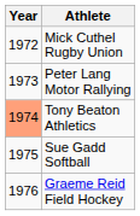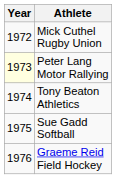 <table class="wikitable sortable">
 <tr>
 <th>Year</th>
 <th>Athlete</th>
 </tr>
 <tr>
 <td>1972</td>
 <td>Mick Cuthel <br> Rugby Union</td>
 </tr>
 <tr>
-<td>1973</td>
+<td style="background: lightyellow;">1973</td>
 <td>Peter Lang<br>Motor Rallying</td>
 </tr>
 <tr>
-<td style="background: lightsalmon;">1974</td>
+<td>1974</td>
 <td>Tony Beaton<br>Athletics</td>
 </tr>
 <tr>
 <td>1975</td>
 <td>Sue Gadd<br>Softball</td>
 </tr>
 <tr>
 <td>1976</td>
 <td><a href='#'>Graeme Reid</a> <br>Field Hockey</td>
 </tr>
 </table>
